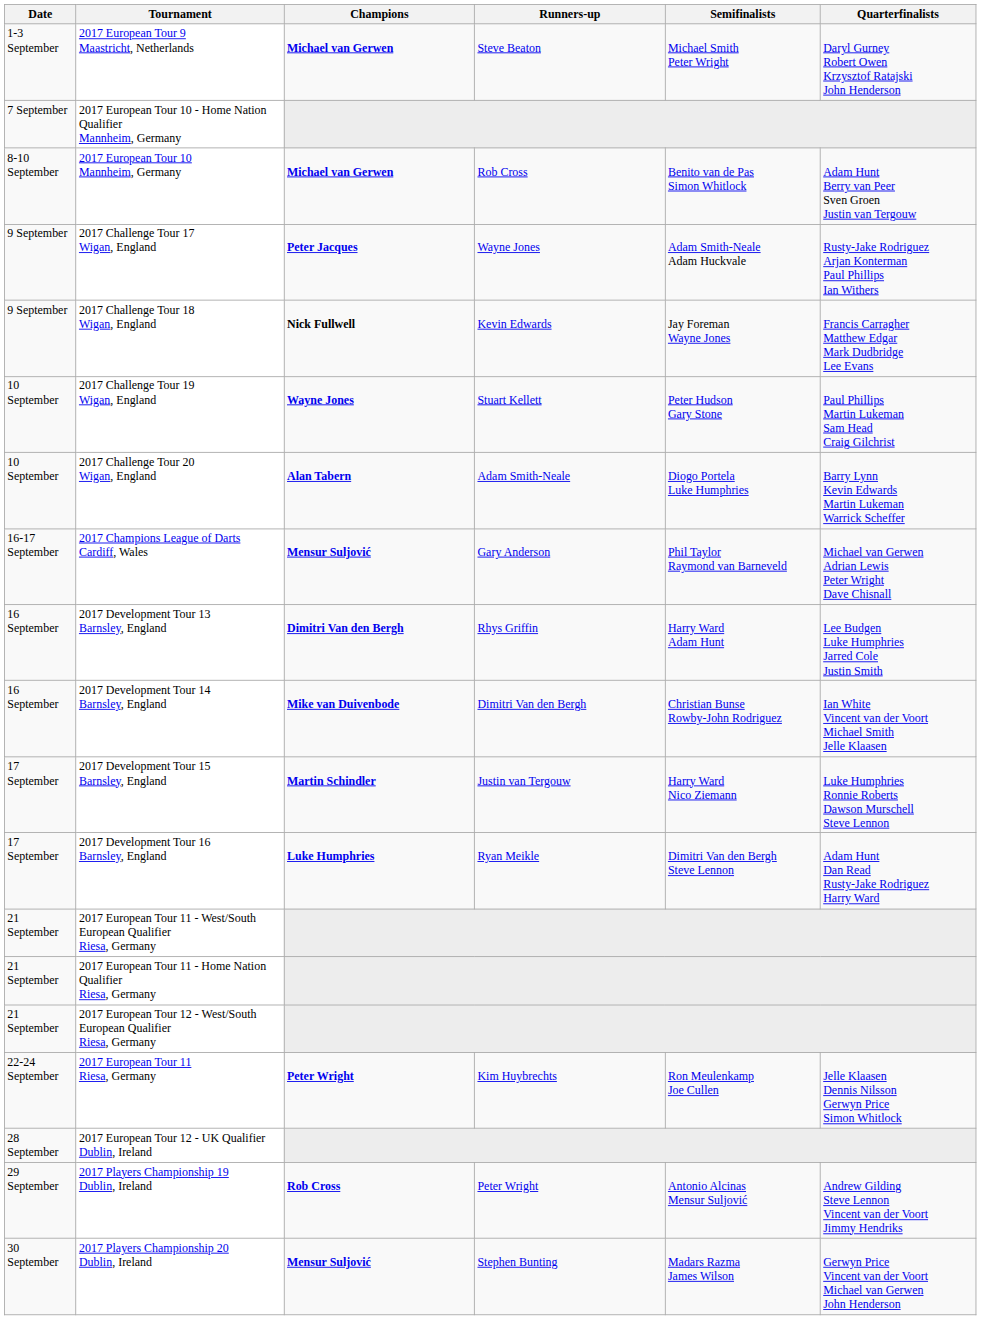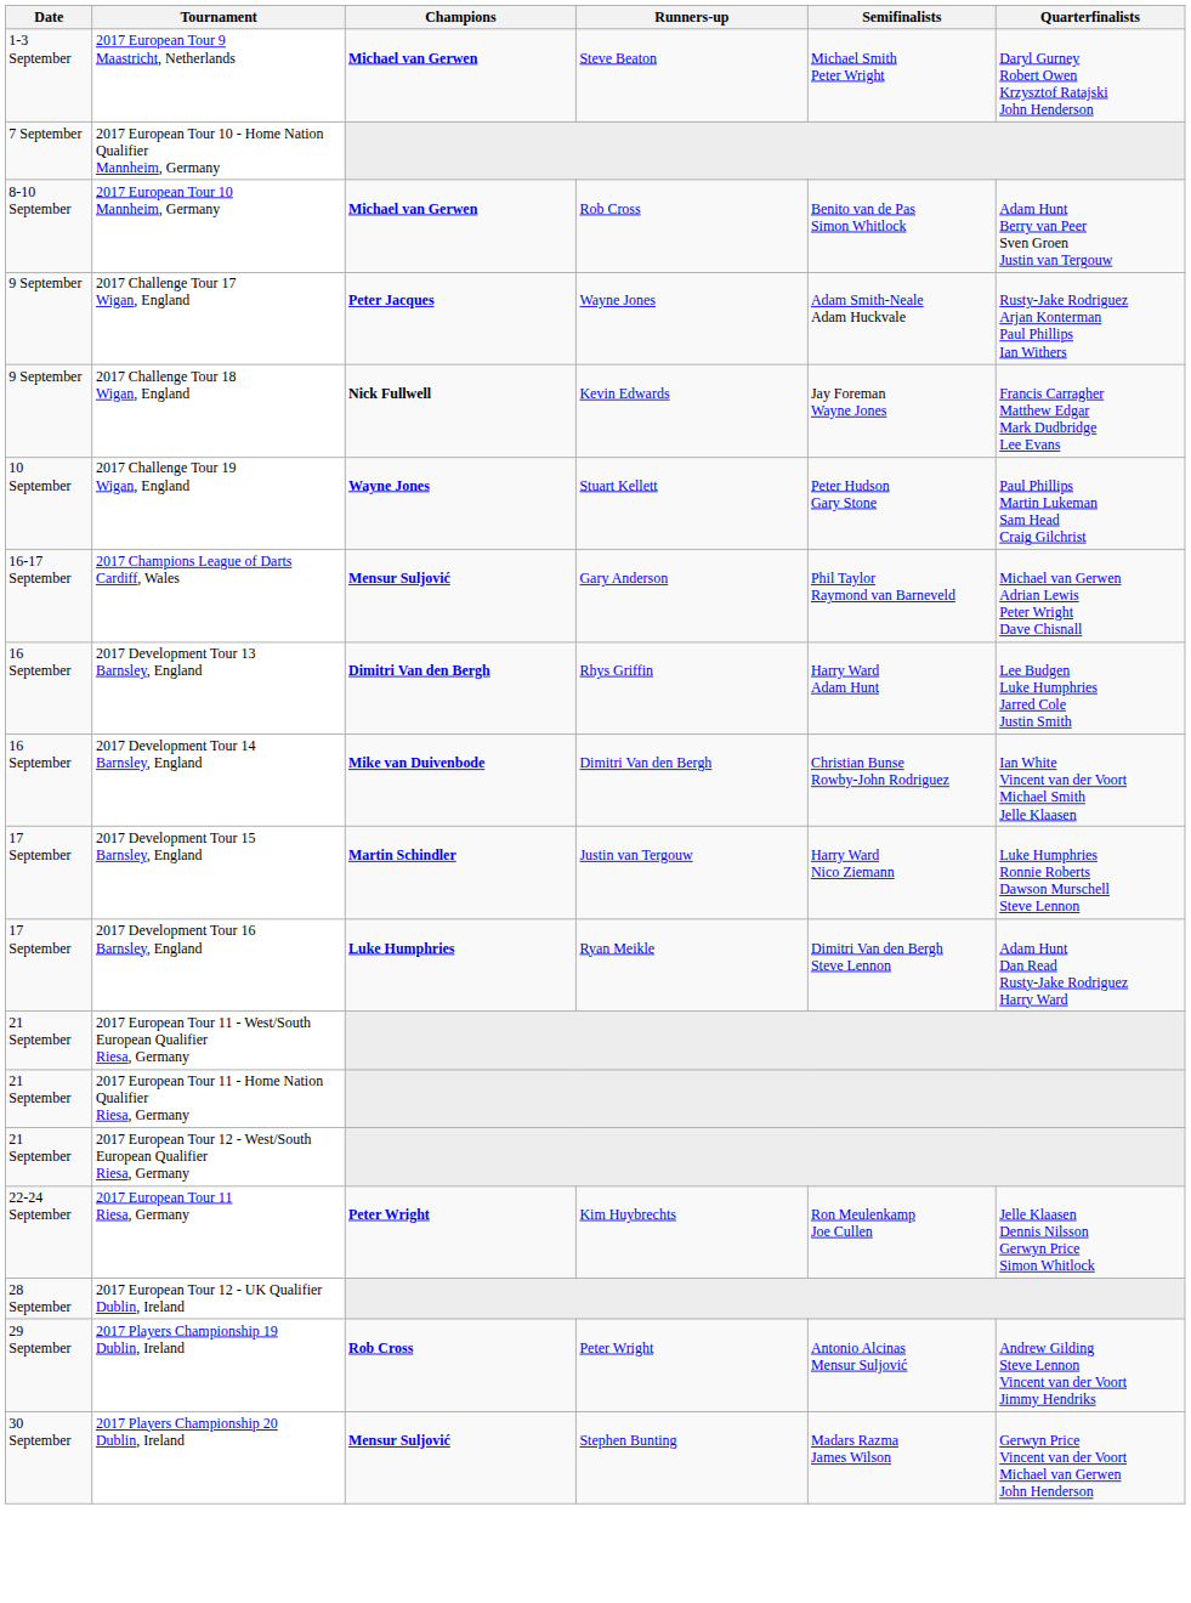 <table class=wikitable style=font-size:85%>
 <tr>
 <th width=75>Date</th>
 <th width=230>Tournament</th>
 <th width=210>Champions</th>
 <th width=210>Runners-up</th>
 <th width=170>Semifinalists</th>
 <th width=170>Quarterfinalists</th>
 </tr>
 <tr valign="top">
 <td>1-3 September</td>
 <td bgcolor="#ffffff"><a href='#'>2017 European Tour 9</a><br><a href='#'>Maastricht</a>, Netherlands</td>
 <td><br> <strong><a href='#'>Michael van Gerwen</a></strong></td>
 <td><br> <a href='#'>Steve Beaton</a></td>
 <td><br> <a href='#'>Michael Smith</a> <br>  <a href='#'>Peter Wright</a></td>
 <td><br> <a href='#'>Daryl Gurney</a> <br>  <a href='#'>Robert Owen</a> <br>  <a href='#'>Krzysztof Ratajski</a> <br>  <a href='#'>John Henderson</a></td>
 </tr>
 <tr valign="top">
 <td>7 September</td>
 <td bgcolor="#ffffff">2017 European Tour 10 - Home Nation Qualifier <br> <a href='#'>Mannheim</a>, Germany</td>
 <td colspan=4 bgcolor="#ededed"></td>
 </tr>
 <tr valign="top">
 <td>8-10 September</td>
 <td bgcolor="#ffffff"><a href='#'>2017 European Tour 10</a><br><a href='#'>Mannheim</a>, Germany</td>
 <td><br> <strong><a href='#'>Michael van Gerwen</a></strong></td>
 <td><br> <a href='#'>Rob Cross</a></td>
 <td><br> <a href='#'>Benito van de Pas</a> <br>  <a href='#'>Simon Whitlock</a></td>
 <td><br> <a href='#'>Adam Hunt</a> <br>  <a href='#'>Berry van Peer</a> <br>  Sven Groen <br>  <a href='#'>Justin van Tergouw</a></td>
 </tr>
 <tr valign="top">
 <td>9 September</td>
 <td bgcolor="#ffffff">2017 Challenge Tour 17<br><a href='#'>Wigan</a>, England</td>
 <td><br> <strong><a href='#'>Peter Jacques</a></strong></td>
 <td><br> <a href='#'>Wayne Jones</a></td>
 <td><br> <a href='#'>Adam Smith-Neale</a> <br>  Adam Huckvale</td>
 <td><br> <a href='#'>Rusty-Jake Rodriguez</a> <br>  <a href='#'>Arjan Konterman</a> <br>  <a href='#'>Paul Phillips</a> <br>  <a href='#'>Ian Withers</a></td>
 </tr>
 <tr valign="top">
 <td>9 September</td>
 <td bgcolor="#ffffff">2017 Challenge Tour 18<br><a href='#'>Wigan</a>, England</td>
 <td><br> <strong>Nick Fullwell</strong></td>
 <td><br> <a href='#'>Kevin Edwards</a></td>
 <td><br> Jay Foreman <br>  <a href='#'>Wayne Jones</a></td>
 <td><br> <a href='#'>Francis Carragher</a> <br>  <a href='#'>Matthew Edgar</a> <br>  <a href='#'>Mark Dudbridge</a> <br>  <a href='#'>Lee Evans</a></td>
 </tr>
 <tr valign="top">
 <td>10 September</td>
 <td bgcolor="#ffffff">2017 Challenge Tour 19<br><a href='#'>Wigan</a>, England</td>
 <td><br> <strong><a href='#'>Wayne Jones</a></strong></td>
 <td><br> <a href='#'>Stuart Kellett</a></td>
 <td><br> <a href='#'>Peter Hudson</a> <br>  <a href='#'>Gary Stone</a></td>
 <td><br> <a href='#'>Paul Phillips</a> <br>  <a href='#'>Martin Lukeman</a> <br>  <a href='#'>Sam Head</a> <br>  <a href='#'>Craig Gilchrist</a></td>
-</tr>
-<tr valign="top">
-<td>10 September</td>
-<td bgcolor="#ffffff">2017 Challenge Tour 20<br><a href='#'>Wigan</a>, England</td>
-<td><br> <strong><a href='#'>Alan Tabern</a></strong></td>
-<td><br> <a href='#'>Adam Smith-Neale</a></td>
-<td><br> <a href='#'>Diogo Portela</a> <br>  <a href='#'>Luke Humphries</a></td>
-<td><br> <a href='#'>Barry Lynn</a> <br>  <a href='#'>Kevin Edwards</a> <br>  <a href='#'>Martin Lukeman</a> <br>  <a href='#'>Warrick Scheffer</a></td>
 </tr>
 <tr valign="top">
 <td>16-17 September</td>
 <td bgcolor="#ffffff"><a href='#'>2017 Champions League of Darts</a><br><a href='#'>Cardiff</a>, Wales</td>
 <td><br> <strong><a href='#'>Mensur Suljović</a></strong></td>
 <td><br> <a href='#'>Gary Anderson</a></td>
 <td><br> <a href='#'>Phil Taylor</a> <br>  <a href='#'>Raymond van Barneveld</a></td>
 <td><br> <a href='#'>Michael van Gerwen</a> <br>  <a href='#'>Adrian Lewis</a> <br>  <a href='#'>Peter Wright</a> <br>  <a href='#'>Dave Chisnall</a></td>
 </tr>
 <tr valign="top">
 <td>16 September</td>
 <td bgcolor="#ffffff">2017 Development Tour 13<br><a href='#'>Barnsley</a>, England</td>
 <td><br> <strong><a href='#'>Dimitri Van den Bergh</a></strong></td>
 <td><br> <a href='#'>Rhys Griffin</a></td>
 <td><br> <a href='#'>Harry Ward</a> <br>  <a href='#'>Adam Hunt</a></td>
 <td><br> <a href='#'>Lee Budgen</a> <br>  <a href='#'>Luke Humphries</a> <br>  <a href='#'>Jarred Cole</a> <br>  <a href='#'>Justin Smith</a></td>
 </tr>
 <tr valign="top">
 <td>16 September</td>
 <td bgcolor="#ffffff">2017 Development Tour 14<br><a href='#'>Barnsley</a>, England</td>
 <td><br> <strong><a href='#'>Mike van Duivenbode</a></strong></td>
 <td><br> <a href='#'>Dimitri Van den Bergh</a></td>
 <td><br> <a href='#'>Christian Bunse</a> <br>  <a href='#'>Rowby-John Rodriguez</a></td>
 <td><br> <a href='#'>Ian White</a> <br>  <a href='#'>Vincent van der Voort</a> <br>  <a href='#'>Michael Smith</a> <br>  <a href='#'>Jelle Klaasen</a></td>
 </tr>
 <tr valign="top">
 <td>17 September</td>
 <td bgcolor="#ffffff">2017 Development Tour 15<br><a href='#'>Barnsley</a>, England</td>
 <td><br> <strong><a href='#'>Martin Schindler</a></strong></td>
 <td><br> <a href='#'>Justin van Tergouw</a></td>
 <td><br> <a href='#'>Harry Ward</a> <br>  <a href='#'>Nico Ziemann</a></td>
 <td><br> <a href='#'>Luke Humphries</a> <br>  <a href='#'>Ronnie Roberts</a> <br>  <a href='#'>Dawson Murschell</a> <br>  <a href='#'>Steve Lennon</a></td>
 </tr>
 <tr valign="top">
 <td>17 September</td>
 <td bgcolor="#ffffff">2017 Development Tour 16<br><a href='#'>Barnsley</a>, England</td>
 <td><br> <strong><a href='#'>Luke Humphries</a></strong></td>
 <td><br> <a href='#'>Ryan Meikle</a></td>
 <td><br> <a href='#'>Dimitri Van den Bergh</a> <br>  <a href='#'>Steve Lennon</a></td>
 <td><br> <a href='#'>Adam Hunt</a> <br>  <a href='#'>Dan Read</a> <br>  <a href='#'>Rusty-Jake Rodriguez</a> <br>  <a href='#'>Harry Ward</a></td>
 </tr>
 <tr valign="top">
 <td>21 September</td>
 <td bgcolor="#ffffff">2017 European Tour 11 - West/South European Qualifier <br> <a href='#'>Riesa</a>, Germany</td>
 <td colspan=4 bgcolor="#ededed"></td>
 </tr>
 <tr valign="top">
 <td>21 September</td>
 <td bgcolor="#ffffff">2017 European Tour 11 - Home Nation Qualifier <br> <a href='#'>Riesa</a>, Germany</td>
 <td colspan=4 bgcolor="#ededed"></td>
 </tr>
 <tr valign="top">
 <td>21 September</td>
 <td bgcolor="#ffffff">2017 European Tour 12 - West/South European Qualifier <br> <a href='#'>Riesa</a>, Germany</td>
 <td colspan=4 bgcolor="#ededed"></td>
 </tr>
 <tr valign="top">
 <td>22-24 September</td>
 <td bgcolor="#ffffff"><a href='#'>2017 European Tour 11</a><br><a href='#'>Riesa</a>, Germany</td>
 <td><br> <strong><a href='#'>Peter Wright</a></strong></td>
 <td><br> <a href='#'>Kim Huybrechts</a></td>
 <td><br> <a href='#'>Ron Meulenkamp</a> <br>  <a href='#'>Joe Cullen</a></td>
 <td><br> <a href='#'>Jelle Klaasen</a> <br>  <a href='#'>Dennis Nilsson</a> <br>  <a href='#'>Gerwyn Price</a> <br>  <a href='#'>Simon Whitlock</a></td>
 </tr>
 <tr valign="top">
 <td>28 September</td>
 <td bgcolor="#ffffff">2017 European Tour 12 - UK Qualifier <br> <a href='#'>Dublin</a>, Ireland</td>
 <td colspan=4 bgcolor="#ededed"></td>
 </tr>
 <tr valign="top">
 <td>29 September</td>
 <td bgcolor="#ffffff"><a href='#'>2017 Players Championship 19</a><br><a href='#'>Dublin</a>, Ireland</td>
 <td><br> <strong><a href='#'>Rob Cross</a></strong></td>
 <td><br> <a href='#'>Peter Wright</a></td>
 <td><br> <a href='#'>Antonio Alcinas</a> <br>  <a href='#'>Mensur Suljović</a></td>
 <td><br> <a href='#'>Andrew Gilding</a> <br>  <a href='#'>Steve Lennon</a> <br>  <a href='#'>Vincent van der Voort</a> <br>  <a href='#'>Jimmy Hendriks</a></td>
 </tr>
 <tr valign="top">
 <td>30 September</td>
 <td bgcolor="#ffffff"><a href='#'>2017 Players Championship 20</a><br><a href='#'>Dublin</a>, Ireland</td>
 <td><br> <strong><a href='#'>Mensur Suljović</a></strong></td>
 <td><br> <a href='#'>Stephen Bunting</a></td>
 <td><br> <a href='#'>Madars Razma</a> <br>  <a href='#'>James Wilson</a></td>
 <td><br> <a href='#'>Gerwyn Price</a> <br>  <a href='#'>Vincent van der Voort</a> <br>  <a href='#'>Michael van Gerwen</a> <br>  <a href='#'>John Henderson</a></td>
 </tr>
 </table>
